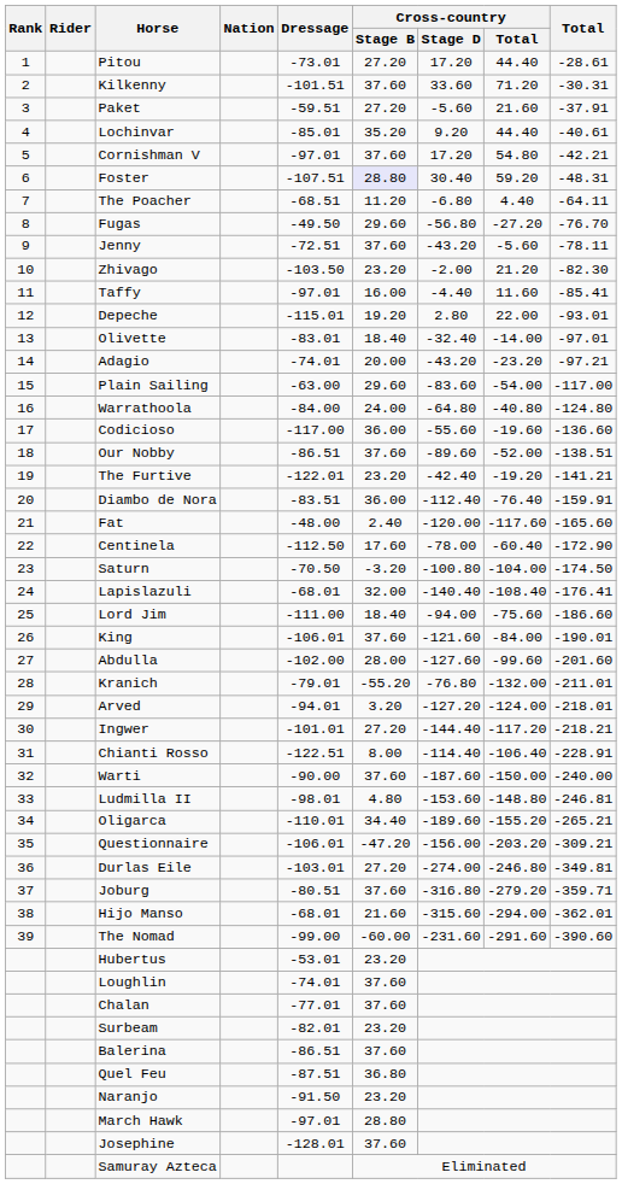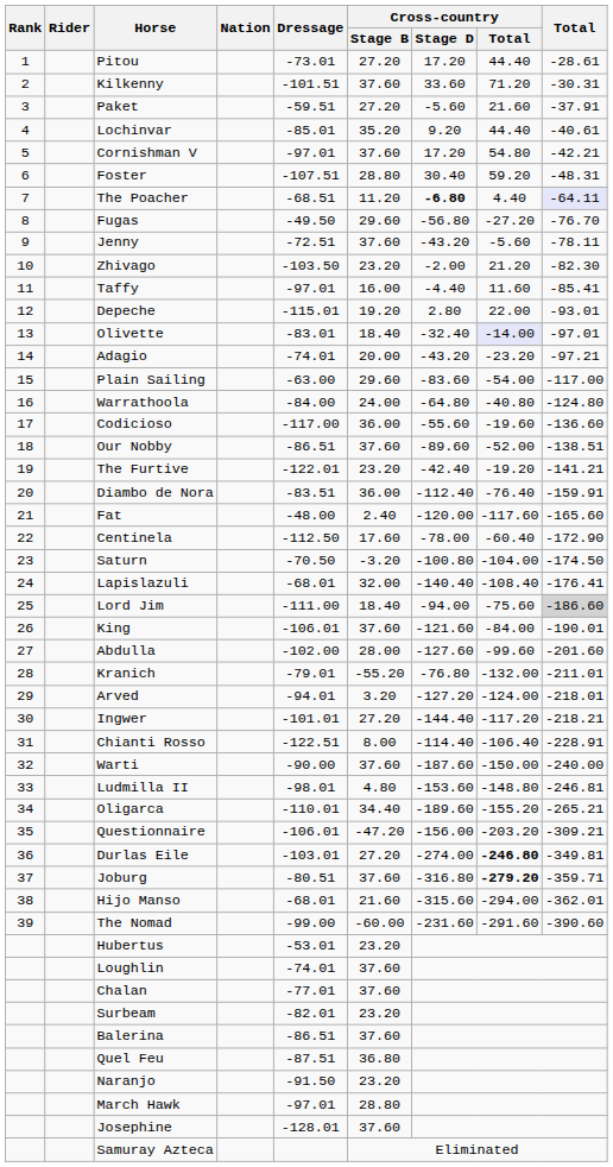 <table class="wikitable sortable" style="text-align:center">
 <tr>
 <th rowspan=2>Rank</th>
 <th rowspan=2>Rider</th>
 <th rowspan=2>Horse</th>
 <th rowspan=2>Nation</th>
 <th rowspan=2>Dressage</th>
 <th colspan=3>Cross-country</th>
 <th rowspan=2>Total</th>
 </tr>
 <tr>
 <th>Stage B</th>
 <th>Stage D</th>
 <th>Total</th>
 </tr>
 <tr>
 <td>1</td>
 <td align=left></td>
 <td align=left>Pitou</td>
 <td align=left></td>
 <td>-73.01</td>
 <td>27.20</td>
 <td>17.20</td>
 <td>44.40</td>
 <td>-28.61</td>
 </tr>
 <tr>
 <td>2</td>
 <td align=left></td>
 <td align=left>Kilkenny</td>
 <td align=left></td>
 <td>-101.51</td>
 <td>37.60</td>
 <td>33.60</td>
 <td>71.20</td>
 <td>-30.31</td>
 </tr>
 <tr>
 <td>3</td>
 <td align=left></td>
 <td align=left>Paket</td>
 <td align=left></td>
 <td>-59.51</td>
 <td>27.20</td>
 <td>-5.60</td>
 <td>21.60</td>
 <td>-37.91</td>
 </tr>
 <tr>
 <td>4</td>
 <td align=left></td>
 <td align=left>Lochinvar</td>
 <td align=left></td>
 <td>-85.01</td>
 <td>35.20</td>
 <td>9.20</td>
 <td>44.40</td>
 <td>-40.61</td>
 </tr>
 <tr>
 <td>5</td>
 <td align=left></td>
 <td align=left>Cornishman V</td>
 <td align=left></td>
 <td>-97.01</td>
 <td>37.60</td>
 <td>17.20</td>
 <td>54.80</td>
 <td>-42.21</td>
 </tr>
 <tr>
 <td>6</td>
 <td align=left></td>
 <td align=left>Foster</td>
 <td align=left></td>
 <td>-107.51</td>
-<td style="background: lavender;">28.80</td>
+<td>28.80</td>
 <td>30.40</td>
 <td>59.20</td>
 <td>-48.31</td>
 </tr>
 <tr>
 <td>7</td>
 <td align=left></td>
 <td align=left>The Poacher</td>
 <td align=left></td>
 <td>-68.51</td>
 <td>11.20</td>
-<td>-6.80</td>
+<td><strong>-6.80</strong></td>
 <td>4.40</td>
-<td>-64.11</td>
+<td style="background: lavender;">-64.11</td>
 </tr>
 <tr>
 <td>8</td>
 <td align=left></td>
 <td align=left>Fugas</td>
 <td align=left></td>
 <td>-49.50</td>
 <td>29.60</td>
 <td>-56.80</td>
 <td>-27.20</td>
 <td>-76.70</td>
 </tr>
 <tr>
 <td>9</td>
 <td align=left></td>
 <td align=left>Jenny</td>
 <td align=left></td>
 <td>-72.51</td>
 <td>37.60</td>
 <td>-43.20</td>
 <td>-5.60</td>
 <td>-78.11</td>
 </tr>
 <tr>
 <td>10</td>
 <td align=left></td>
 <td align=left>Zhivago</td>
 <td align=left></td>
 <td>-103.50</td>
 <td>23.20</td>
 <td>-2.00</td>
 <td>21.20</td>
 <td>-82.30</td>
 </tr>
 <tr>
 <td>11</td>
 <td align=left></td>
 <td align=left>Taffy</td>
 <td align=left></td>
 <td>-97.01</td>
 <td>16.00</td>
 <td>-4.40</td>
 <td>11.60</td>
 <td>-85.41</td>
 </tr>
 <tr>
 <td>12</td>
 <td align=left></td>
 <td align=left>Depeche</td>
 <td align=left></td>
 <td>-115.01</td>
 <td>19.20</td>
 <td>2.80</td>
 <td>22.00</td>
 <td>-93.01</td>
 </tr>
 <tr>
 <td>13</td>
 <td align=left></td>
 <td align=left>Olivette</td>
 <td align=left></td>
 <td>-83.01</td>
 <td>18.40</td>
 <td>-32.40</td>
-<td>-14.00</td>
+<td style="background: lavender;">-14.00</td>
 <td>-97.01</td>
 </tr>
 <tr>
 <td>14</td>
 <td align=left></td>
 <td align=left>Adagio</td>
 <td align=left></td>
 <td>-74.01</td>
 <td>20.00</td>
 <td>-43.20</td>
 <td>-23.20</td>
 <td>-97.21</td>
 </tr>
 <tr>
 <td>15</td>
 <td align=left></td>
 <td align=left>Plain Sailing</td>
 <td align=left></td>
 <td>-63.00</td>
 <td>29.60</td>
 <td>-83.60</td>
 <td>-54.00</td>
 <td>-117.00</td>
 </tr>
 <tr>
 <td>16</td>
 <td align=left></td>
 <td align=left>Warrathoola</td>
 <td align=left></td>
 <td>-84.00</td>
 <td>24.00</td>
 <td>-64.80</td>
 <td>-40.80</td>
 <td>-124.80</td>
 </tr>
 <tr>
 <td>17</td>
 <td align=left></td>
 <td align=left>Codicioso</td>
 <td align=left></td>
 <td>-117.00</td>
 <td>36.00</td>
 <td>-55.60</td>
 <td>-19.60</td>
 <td>-136.60</td>
 </tr>
 <tr>
 <td>18</td>
 <td align=left></td>
 <td align=left>Our Nobby</td>
 <td align=left></td>
 <td>-86.51</td>
 <td>37.60</td>
 <td>-89.60</td>
 <td>-52.00</td>
 <td>-138.51</td>
 </tr>
 <tr>
 <td>19</td>
 <td align=left></td>
 <td align=left>The Furtive</td>
 <td align=left></td>
 <td>-122.01</td>
 <td>23.20</td>
 <td>-42.40</td>
 <td>-19.20</td>
 <td>-141.21</td>
 </tr>
 <tr>
 <td>20</td>
 <td align=left></td>
 <td align=left>Diambo de Nora</td>
 <td align=left></td>
 <td>-83.51</td>
 <td>36.00</td>
 <td>-112.40</td>
 <td>-76.40</td>
 <td>-159.91</td>
 </tr>
 <tr>
 <td>21</td>
 <td align=left></td>
 <td align=left>Fat</td>
 <td align=left></td>
 <td>-48.00</td>
 <td>2.40</td>
 <td>-120.00</td>
 <td>-117.60</td>
 <td>-165.60</td>
 </tr>
 <tr>
 <td>22</td>
 <td align=left></td>
 <td align=left>Centinela</td>
 <td align=left></td>
 <td>-112.50</td>
 <td>17.60</td>
 <td>-78.00</td>
 <td>-60.40</td>
 <td>-172.90</td>
 </tr>
 <tr>
 <td>23</td>
 <td align=left></td>
 <td align=left>Saturn</td>
 <td align=left></td>
 <td>-70.50</td>
 <td>-3.20</td>
 <td>-100.80</td>
 <td>-104.00</td>
 <td>-174.50</td>
 </tr>
 <tr>
 <td>24</td>
 <td align=left></td>
 <td align=left>Lapislazuli</td>
 <td align=left></td>
 <td>-68.01</td>
 <td>32.00</td>
 <td>-140.40</td>
 <td>-108.40</td>
 <td>-176.41</td>
 </tr>
 <tr>
 <td>25</td>
 <td align=left></td>
 <td align=left>Lord Jim</td>
 <td align=left></td>
 <td>-111.00</td>
 <td>18.40</td>
 <td>-94.00</td>
 <td>-75.60</td>
-<td>-186.60</td>
+<td style="background: lightgrey;">-186.60</td>
 </tr>
 <tr>
 <td>26</td>
 <td align=left></td>
 <td align=left>King</td>
 <td align=left></td>
 <td>-106.01</td>
 <td>37.60</td>
 <td>-121.60</td>
 <td>-84.00</td>
 <td>-190.01</td>
 </tr>
 <tr>
 <td>27</td>
 <td align=left></td>
 <td align=left>Abdulla</td>
 <td align=left></td>
 <td>-102.00</td>
 <td>28.00</td>
 <td>-127.60</td>
 <td>-99.60</td>
 <td>-201.60</td>
 </tr>
 <tr>
 <td>28</td>
 <td align=left></td>
 <td align=left>Kranich</td>
 <td align=left></td>
 <td>-79.01</td>
 <td>-55.20</td>
 <td>-76.80</td>
 <td>-132.00</td>
 <td>-211.01</td>
 </tr>
 <tr>
 <td>29</td>
 <td align=left></td>
 <td align=left>Arved</td>
 <td align=left></td>
 <td>-94.01</td>
 <td>3.20</td>
 <td>-127.20</td>
 <td>-124.00</td>
 <td>-218.01</td>
 </tr>
 <tr>
 <td>30</td>
 <td align=left></td>
 <td align=left>Ingwer</td>
 <td align=left></td>
 <td>-101.01</td>
 <td>27.20</td>
 <td>-144.40</td>
 <td>-117.20</td>
 <td>-218.21</td>
 </tr>
 <tr>
 <td>31</td>
 <td align=left></td>
 <td align=left>Chianti Rosso</td>
 <td align=left></td>
 <td>-122.51</td>
 <td>8.00</td>
 <td>-114.40</td>
 <td>-106.40</td>
 <td>-228.91</td>
 </tr>
 <tr>
 <td>32</td>
 <td align=left></td>
 <td align=left>Warti</td>
 <td align=left></td>
 <td>-90.00</td>
 <td>37.60</td>
 <td>-187.60</td>
 <td>-150.00</td>
 <td>-240.00</td>
 </tr>
 <tr>
 <td>33</td>
 <td align=left></td>
 <td align=left>Ludmilla II</td>
 <td align=left></td>
 <td>-98.01</td>
 <td>4.80</td>
 <td>-153.60</td>
 <td>-148.80</td>
 <td>-246.81</td>
 </tr>
 <tr>
 <td>34</td>
 <td align=left></td>
 <td align=left>Oligarca</td>
 <td align=left></td>
 <td>-110.01</td>
 <td>34.40</td>
 <td>-189.60</td>
 <td>-155.20</td>
 <td>-265.21</td>
 </tr>
 <tr>
 <td>35</td>
 <td align=left></td>
 <td align=left>Questionnaire</td>
 <td align=left></td>
 <td>-106.01</td>
 <td>-47.20</td>
 <td>-156.00</td>
 <td>-203.20</td>
 <td>-309.21</td>
 </tr>
 <tr>
 <td>36</td>
 <td align=left></td>
 <td align=left>Durlas Eile</td>
 <td align=left></td>
 <td>-103.01</td>
 <td>27.20</td>
 <td>-274.00</td>
-<td>-246.80</td>
+<td><strong>-246.80</strong></td>
 <td>-349.81</td>
 </tr>
 <tr>
 <td>37</td>
 <td align=left></td>
 <td align=left>Joburg</td>
 <td align=left></td>
 <td>-80.51</td>
 <td>37.60</td>
 <td>-316.80</td>
-<td>-279.20</td>
+<td><strong>-279.20</strong></td>
 <td>-359.71</td>
 </tr>
 <tr>
 <td>38</td>
 <td align=left></td>
 <td align=left>Hijo Manso</td>
 <td align=left></td>
 <td>-68.01</td>
 <td>21.60</td>
 <td>-315.60</td>
 <td>-294.00</td>
 <td>-362.01</td>
 </tr>
 <tr>
 <td>39</td>
 <td align=left></td>
 <td align=left>The Nomad</td>
 <td align=left></td>
 <td>-99.00</td>
 <td>-60.00</td>
 <td>-231.60</td>
 <td>-291.60</td>
 <td>-390.60</td>
 </tr>
 <tr>
 <td></td>
 <td align=left></td>
 <td align=left>Hubertus</td>
 <td align=left></td>
 <td>-53.01</td>
 <td>23.20</td>
 <td colspan=3></td>
 </tr>
 <tr>
 <td></td>
 <td align=left></td>
 <td align=left>Loughlin</td>
 <td align=left></td>
 <td>-74.01</td>
 <td>37.60</td>
 <td colspan=3></td>
 </tr>
 <tr>
 <td></td>
 <td align=left></td>
 <td align=left>Chalan</td>
 <td align=left></td>
 <td>-77.01</td>
 <td>37.60</td>
 <td colspan=3></td>
 </tr>
 <tr>
 <td></td>
 <td align=left></td>
 <td align=left>Surbeam</td>
 <td align=left></td>
 <td>-82.01</td>
 <td>23.20</td>
 <td colspan=3></td>
 </tr>
 <tr>
 <td></td>
 <td align=left></td>
 <td align=left>Balerina</td>
 <td align=left></td>
 <td>-86.51</td>
 <td>37.60</td>
 <td colspan=3></td>
 </tr>
 <tr>
 <td></td>
 <td align=left></td>
 <td align=left>Quel Feu</td>
 <td align=left></td>
 <td>-87.51</td>
 <td>36.80</td>
 <td colspan=3></td>
 </tr>
 <tr>
 <td></td>
 <td align=left></td>
 <td align=left>Naranjo</td>
 <td align=left></td>
 <td>-91.50</td>
 <td>23.20</td>
 <td colspan=3></td>
 </tr>
 <tr>
 <td></td>
 <td align=left></td>
 <td align=left>March Hawk</td>
 <td align=left></td>
 <td>-97.01</td>
 <td>28.80</td>
 <td colspan=3></td>
 </tr>
 <tr>
 <td></td>
 <td align=left></td>
 <td align=left>Josephine</td>
 <td align=left></td>
 <td>-128.01</td>
 <td>37.60</td>
 <td colspan=3></td>
 </tr>
 <tr>
 <td></td>
 <td align=left></td>
 <td align=left>Samuray Azteca</td>
 <td align=left></td>
 <td></td>
 <td colspan=4>Eliminated</td>
 </tr>
 </table>
